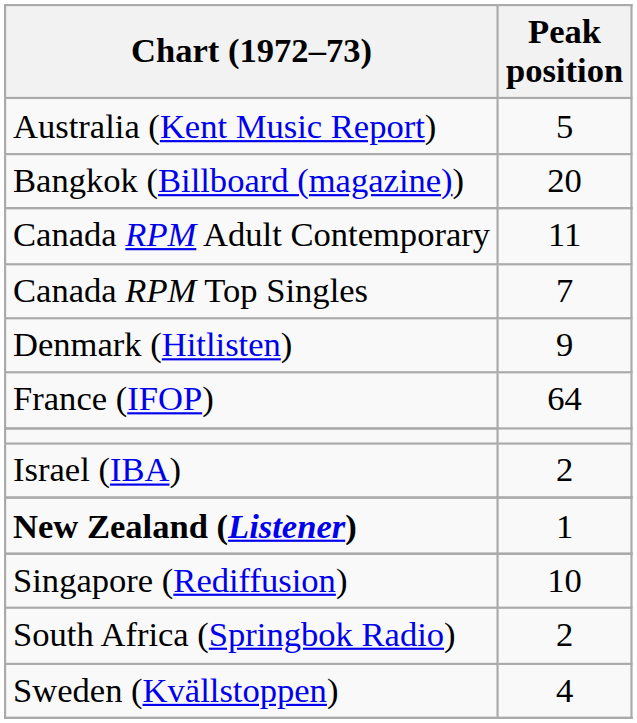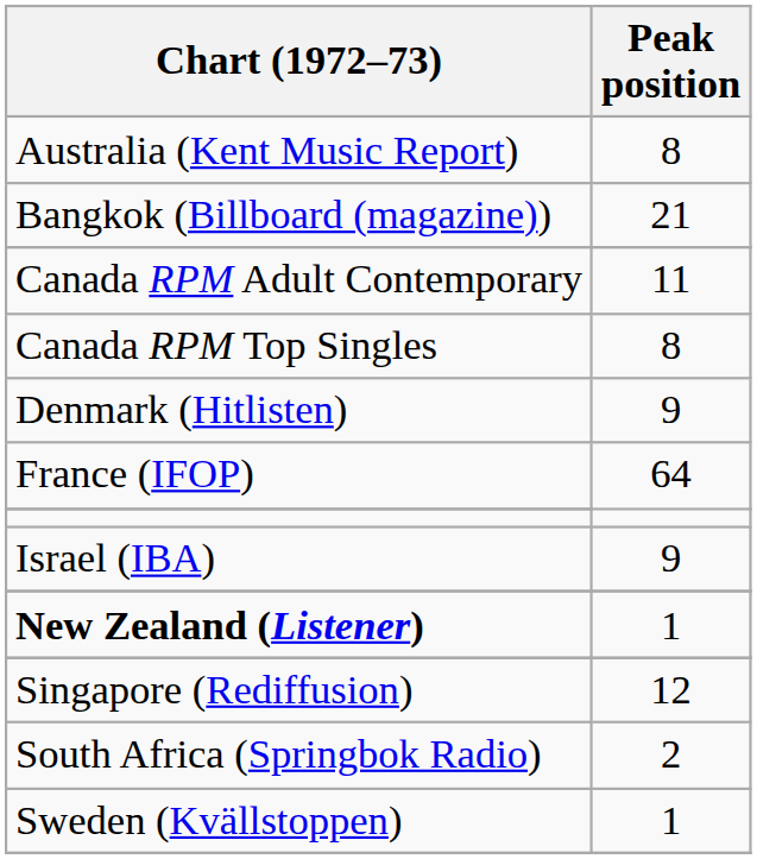 <table class="wikitable sortable">
 <tr>
 <th>Chart (1972–73)</th>
 <th>Peak<br>position</th>
 </tr>
 <tr>
 <td>Australia (<a href='#'>Kent Music Report</a>)</td>
-<td style="text-align:center;">5</td>
+<td style="text-align:center;">8</td>
 </tr>
 <tr>
 <td>Bangkok (<a href='#'>Billboard (magazine)</a>)</td>
-<td style="text-align:center;">20</td>
+<td style="text-align:center;">21</td>
 </tr>
 <tr>
 </tr>
 <tr>
 </tr>
 <tr>
 <td>Canada <em><a href='#'>RPM</a></em> Adult Contemporary</td>
 <td style="text-align:center;">11</td>
 </tr>
 <tr>
 <td>Canada <em>RPM</em> Top Singles</td>
-<td style="text-align:center;">7</td>
+<td style="text-align:center;">8</td>
 </tr>
 <tr>
 <td>Denmark (<a href='#'>Hitlisten</a>)</td>
 <td align="center">9</td>
 </tr>
 <tr>
 <td>France (<a href='#'>IFOP</a>)</td>
 <td align="center">64</td>
 </tr>
 <tr>
 </tr>
 <tr>
 <td></td>
 </tr>
 <tr>
 <td>Israel (<a href='#'>IBA</a>)</td>
-<td style="text-align:center;">2</td>
+<td style="text-align:center;">9</td>
 </tr>
 <tr>
 </tr>
 <tr>
 </tr>
 <tr>
 <td><strong>New Zealand (<em><a href='#'>Listener</a></em>)</strong></td>
 <td style="text-align:center;">1</td>
 </tr>
 <tr>
 </tr>
 <tr>
 <td>Singapore (<a href='#'>Rediffusion</a>)</td>
-<td align="center">10</td>
+<td align="center">12</td>
 </tr>
 <tr>
 <td>South Africa (<a href='#'>Springbok Radio</a>)</td>
 <td align="center">2</td>
 </tr>
 <tr>
 <td>Sweden (<a href='#'>Kvällstoppen</a>)</td>
-<td style="text-align:center;">4</td>
+<td style="text-align:center;">1</td>
 </tr>
 <tr>
 </tr>
 <tr>
 </tr>
 </table>
